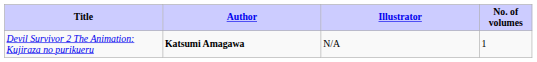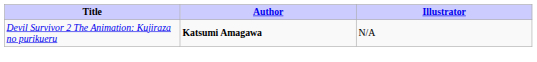 <table class="wikitable" style="width: 98%;">
 <tr>
 <th width=30% style="background:#ccf;">Title</th>
 <th width=30% style="background:#ccf;"><a href='#'>Author</a></th>
 <th width=30% style="background:#ccf;"><a href='#'>Illustrator</a></th>
-<th width=30% style="background:#ccf;">No. of volumes</th>
 </tr>
 <tr>
 <td><em><a href='#'>Devil Survivor 2 The Animation: Kujiraza no purikueru</a></em></td>
 <td><strong>Katsumi Amagawa</strong></td>
 <td>N/A</td>
-<td>1</td>
 </tr>
 </table>
